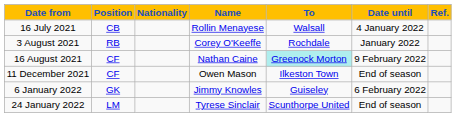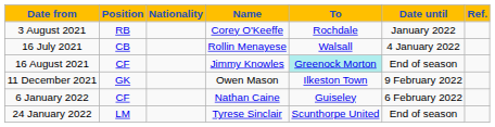 <table class="wikitable"  style="text-align:center; font-size:90%; ">
 <tr>
 <th style="background:#ffbf00;color:#1C4EBD ">Date from</th>
 <th style="background:#ffbf00;color:#1C4EBD ">Position</th>
 <th style="background:#ffbf00;color:#1C4EBD ">Nationality</th>
 <th style="background:#ffbf00;color:#1C4EBD ">Name</th>
 <th style="background:#ffbf00;color:#1C4EBD ">To</th>
 <th style="background:#ffbf00;color:#1C4EBD ">Date until</th>
 <th style="background:#ffbf00;color:#1C4EBD ">Ref.</th>
 </tr>
 <tr>
+<td>3 August 2021</td>
+<td><a href='#'>RB</a></td>
+<td></td>
+<td><a href='#'>Corey O'Keeffe</a></td>
+<td> <a href='#'>Rochdale</a></td>
+<td>January 2022</td>
+<td></td>
+</tr>
+<tr>
 <td>16 July 2021</td>
 <td><a href='#'>CB</a></td>
 <td></td>
 <td><a href='#'>Rollin Menayese</a></td>
 <td> <a href='#'>Walsall</a></td>
 <td>4 January 2022</td>
 <td></td>
 </tr>
 <tr>
-<td>3 August 2021</td>
-<td><a href='#'>RB</a></td>
+<td>16 August 2021</td>
+<td><a href='#'>CF</a></td>
 <td></td>
-<td><a href='#'>Corey O'Keeffe</a></td>
-<td> <a href='#'>Rochdale</a></td>
-<td>January 2022</td>
+<td><a href='#'>Jimmy Knowles</a></td>
+<td style="background: paleturquoise;"> <a href='#'>Greenock Morton</a></td>
+<td>End of season</td>
 <td></td>
 </tr>
 <tr>
-<td>16 August 2021</td>
-<td><a href='#'>CF</a></td>
+<td>11 December 2021</td>
+<td><a href='#'>GK</a></td>
 <td></td>
-<td><a href='#'>Nathan Caine</a></td>
-<td style="background: paleturquoise;"> <a href='#'>Greenock Morton</a></td>
+<td>Owen Mason</td>
+<td> <a href='#'>Ilkeston Town</a></td>
 <td>9 February 2022</td>
 <td></td>
 </tr>
 <tr>
-<td>11 December 2021</td>
+<td>6 January 2022</td>
 <td><a href='#'>CF</a></td>
 <td></td>
-<td>Owen Mason</td>
-<td> <a href='#'>Ilkeston Town</a></td>
-<td>End of season</td>
-<td></td>
-</tr>
-<tr>
-<td>6 January 2022</td>
-<td><a href='#'>GK</a></td>
-<td></td>
-<td><a href='#'>Jimmy Knowles</a></td>
+<td><a href='#'>Nathan Caine</a></td>
 <td> <a href='#'>Guiseley</a></td>
 <td>6 February 2022</td>
 <td></td>
 </tr>
 <tr>
 <td>24 January 2022</td>
 <td><a href='#'>LM</a></td>
 <td></td>
 <td><a href='#'>Tyrese Sinclair</a></td>
 <td> <a href='#'>Scunthorpe United</a></td>
 <td>End of season</td>
 <td></td>
 </tr>
 </table>
